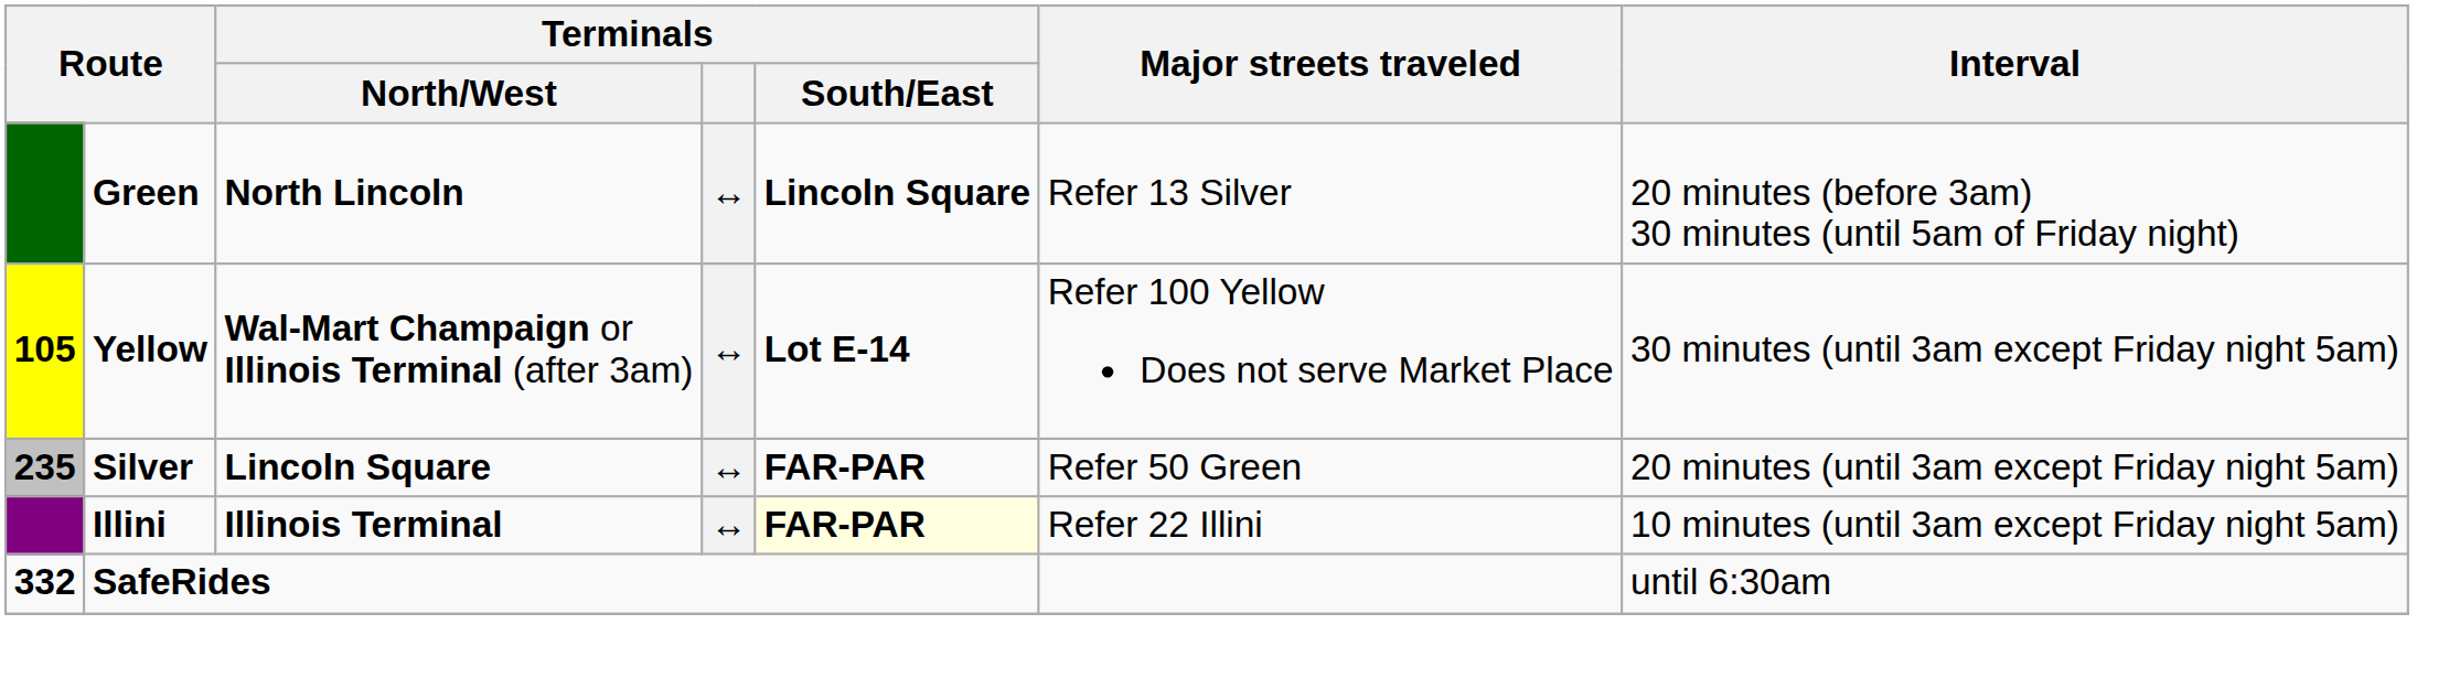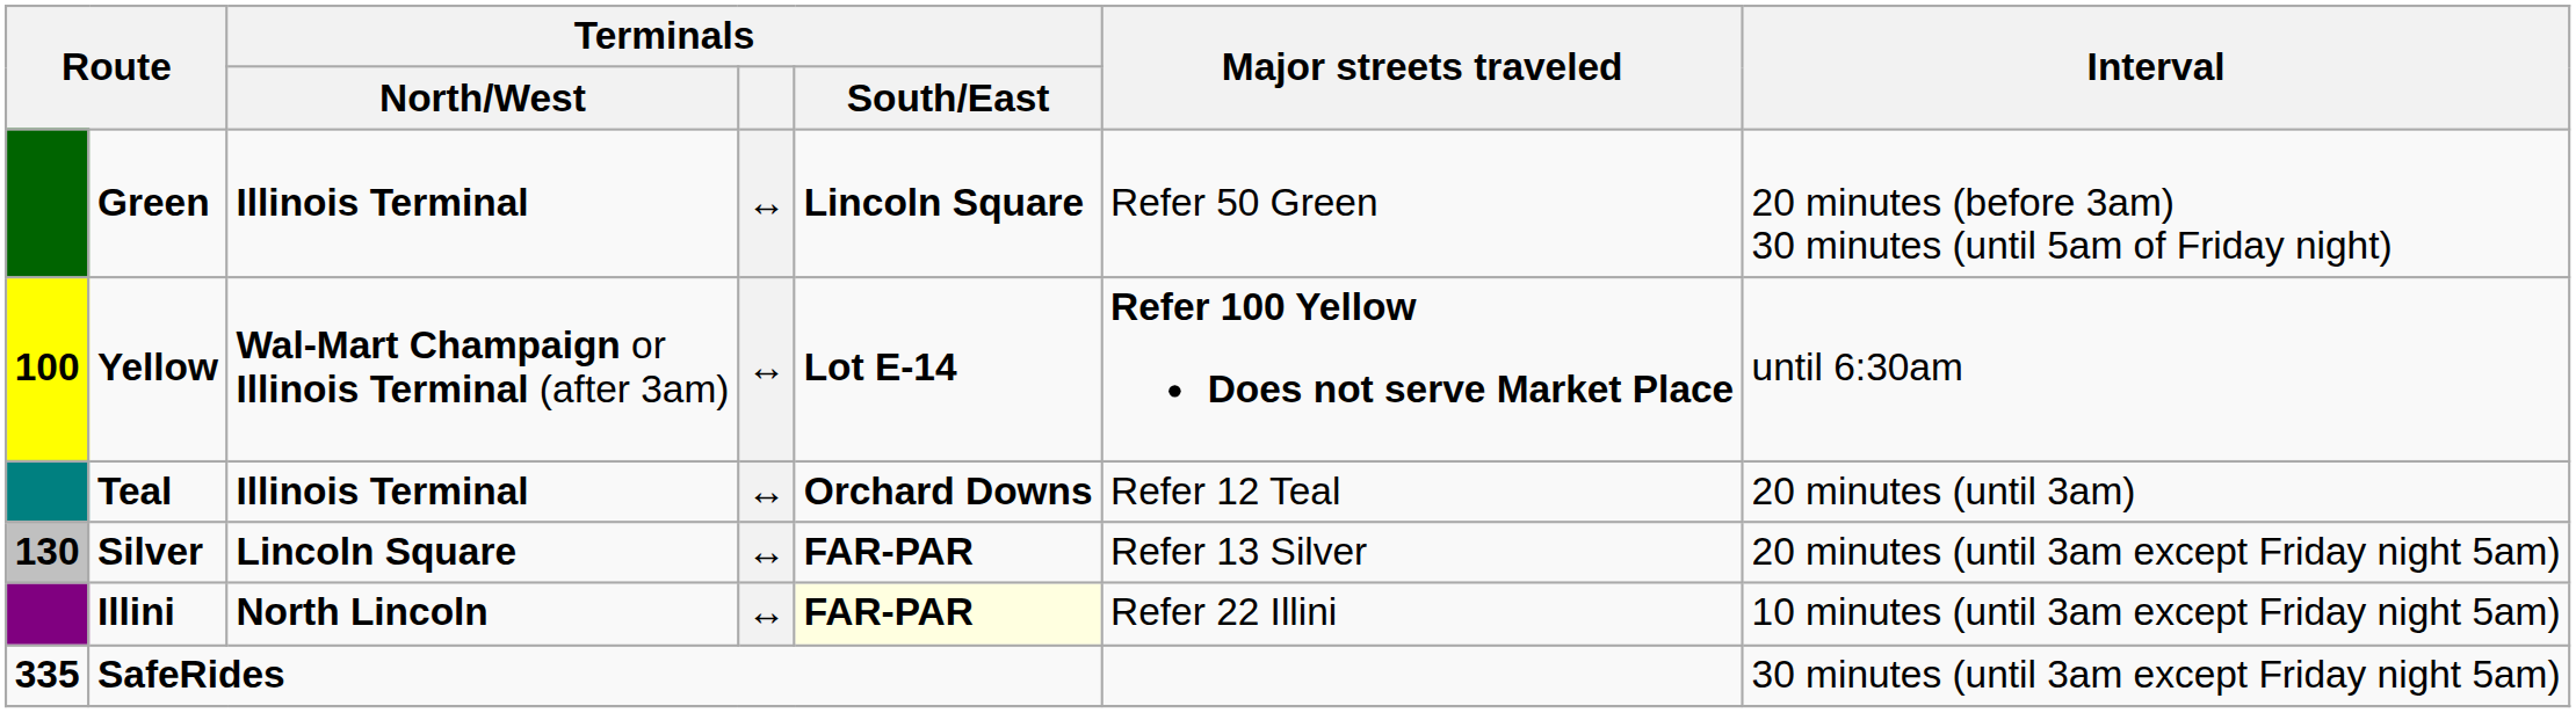 <table class=wikitable |>
 <tr>
 <th colspan=2 rowspan=2>Route</th>
 <th colspan=3>Terminals</th>
 <th rowspan=2>Major streets traveled</th>
 <th rowspan=2>Interval</th>
 </tr>
 <tr>
 <th>North/West</th>
 <th></th>
 <th>South/East</th>
 </tr>
 <tr>
 <td bgcolor="darkgreen"></td>
 <td><strong>Green</strong></td>
-<td><strong>North Lincoln</strong></td>
+<td><strong>Illinois Terminal</strong></td>
 <th><span>↔</span></th>
 <td><strong>Lincoln Square</strong></td>
-<td>Refer 13 Silver</td>
+<td>Refer 50 Green</td>
 <td><br>20 minutes (before 3am)<br> 30 minutes (until 5am of Friday night)</td>
 </tr>
 <tr>
-<td bgcolor="yellow"><strong>105</strong></td>
+<td bgcolor="yellow"><strong>100</strong></td>
 <td><strong>Yellow</strong></td>
 <td><strong>Wal-Mart Champaign</strong> or<br> <strong>Illinois Terminal</strong> (after 3am)</td>
 <th><span>↔</span></th>
 <td><strong>Lot E-14</strong></td>
-<td>Refer 100 Yellow<br><ul><li>Does not serve Market Place</li></ul></td>
-<td>30 minutes (until 3am except Friday night 5am)</td>
+<td><strong>Refer 100 Yellow<br><ul><li>Does not serve Market Place</li></ul></strong></td>
+<td>until 6:30am</td>
 </tr>
 <tr>
-<td bgcolor="silver"><strong>235</strong></td>
+<td bgcolor="teal"></td>
+<td><strong>Teal</strong></td>
+<td><strong>Illinois Terminal</strong></td>
+<th><span>↔</span></th>
+<td><strong>Orchard Downs</strong></td>
+<td>Refer 12 Teal</td>
+<td>20 minutes (until 3am)</td>
+</tr>
+<tr>
+<td bgcolor="silver"><strong>130</strong></td>
 <td><strong>Silver</strong></td>
 <td><strong>Lincoln Square</strong></td>
 <th><span>↔</span></th>
 <td><strong>FAR-PAR</strong></td>
-<td>Refer 50 Green</td>
+<td>Refer 13 Silver</td>
 <td>20 minutes (until 3am except Friday night 5am)</td>
 </tr>
 <tr>
 <td bgcolor="purple"></td>
 <td><strong>Illini</strong></td>
-<td><strong>Illinois Terminal</strong></td>
+<td><strong>North Lincoln</strong></td>
 <th><span>↔</span></th>
 <td style="background: lightyellow;"><strong>FAR-PAR</strong></td>
 <td>Refer 22 Illini</td>
 <td>10 minutes (until 3am except Friday night 5am)</td>
 </tr>
 <tr>
-<td><strong>332</strong></td>
+<td><strong>335</strong></td>
 <td colspan=4><strong>SafeRides</strong></td>
 <td></td>
-<td>until 6:30am</td>
+<td>30 minutes (until 3am except Friday night 5am)</td>
 </tr>
 <tr>
 </tr>
 </table>
